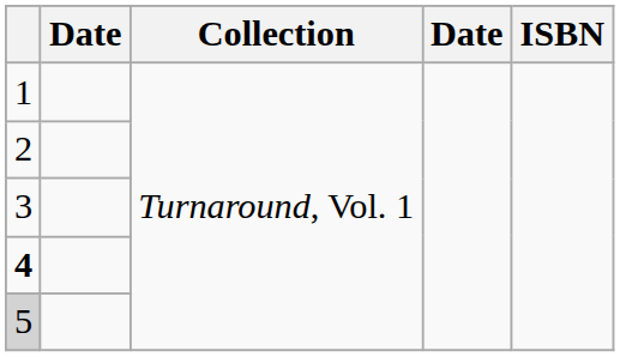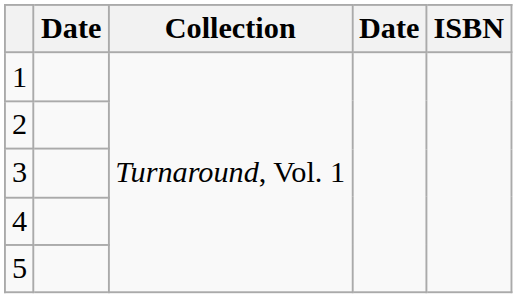 <table class="wikitable">
 <tr>
 <th></th>
 <th>Date</th>
 <th>Collection</th>
 <th>Date</th>
 <th>ISBN</th>
 </tr>
 <tr>
 <td>1</td>
 <td></td>
 <td rowspan="5"><em>Turnaround</em>, Vol. 1</td>
 <td rowspan="5"></td>
 <td rowspan="5"></td>
 </tr>
 <tr>
 <td>2</td>
 <td></td>
 </tr>
 <tr>
 <td>3</td>
 <td></td>
 </tr>
 <tr>
-<td><strong>4</strong></td>
+<td>4</td>
 <td></td>
 </tr>
 <tr>
-<td style="background: lightgrey;">5</td>
+<td>5</td>
 <td></td>
 </tr>
 </table>
